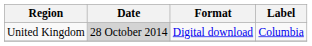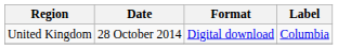 <table class="wikitable sortable">
 <tr>
 <th>Region</th>
 <th>Date</th>
 <th>Format</th>
 <th>Label</th>
 </tr>
 <tr>
 <td>United Kingdom</td>
-<td style="background: lightgrey;">28 October 2014</td>
+<td>28 October 2014</td>
 <td><a href='#'>Digital download</a></td>
 <td><a href='#'>Columbia</a></td>
 </tr>
 <tr>
 </tr>
 </table>
